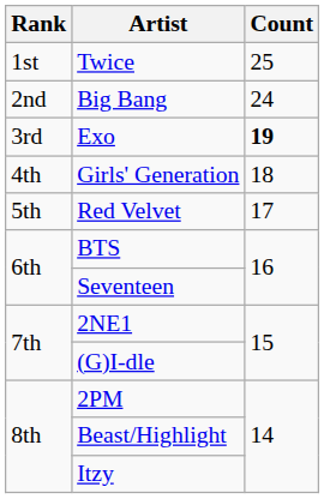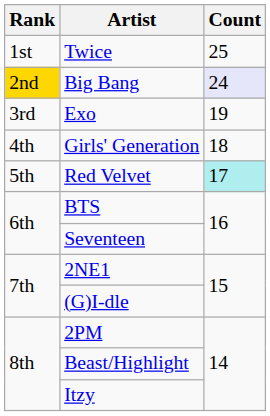 <table class="wikitable">
 <tr>
 <th style=text-align:center>Rank</th>
 <th style=text-align:center>Artist</th>
 <th style=text-align:center>Count</th>
 </tr>
 <tr>
 <td>1st</td>
 <td><a href='#'>Twice</a></td>
 <td>25</td>
 </tr>
 <tr>
-<td>2nd</td>
+<td style="background: gold;">2nd</td>
 <td><a href='#'>Big Bang</a></td>
-<td>24</td>
+<td style="background: lavender;">24</td>
 </tr>
 <tr>
 <td>3rd</td>
 <td><a href='#'>Exo</a></td>
-<td><strong>19</strong></td>
+<td>19</td>
 </tr>
 <tr>
 <td>4th</td>
 <td><a href='#'>Girls' Generation</a></td>
 <td>18</td>
 </tr>
 <tr>
 <td>5th</td>
 <td><a href='#'>Red Velvet</a></td>
-<td>17</td>
+<td style="background: paleturquoise;">17</td>
 </tr>
 <tr>
 <td rowspan="2">6th</td>
 <td><a href='#'>BTS</a></td>
 <td rowspan="2">16</td>
 </tr>
 <tr>
 <td><a href='#'>Seventeen</a></td>
 </tr>
 <tr>
 <td rowspan="2">7th</td>
 <td><a href='#'>2NE1</a></td>
 <td rowspan="2">15</td>
 </tr>
 <tr>
 <td><a href='#'>(G)I-dle</a></td>
 </tr>
 <tr>
 <td rowspan="3">8th</td>
 <td><a href='#'>2PM</a></td>
 <td rowspan="3">14</td>
 </tr>
 <tr>
 <td><a href='#'>Beast/Highlight</a></td>
 </tr>
 <tr>
 <td><a href='#'>Itzy</a></td>
 </tr>
 </table>
